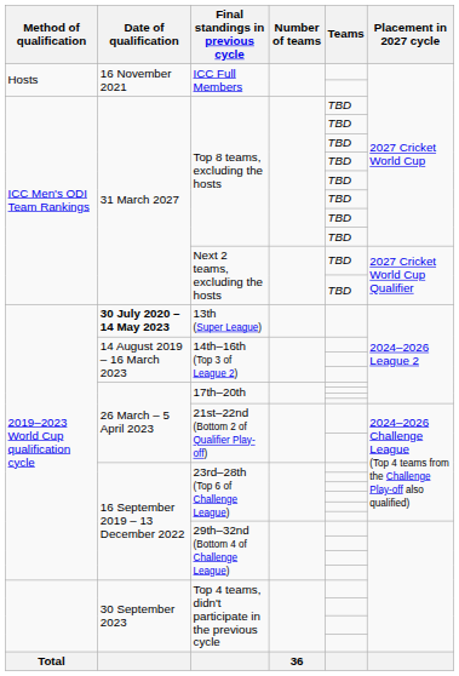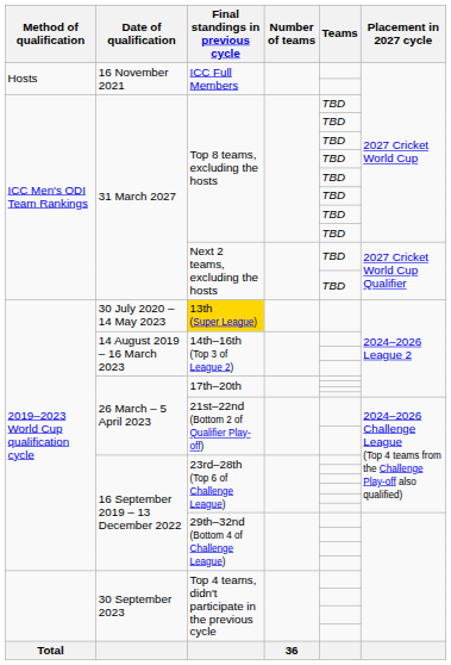 <table class="wikitable sortable" style="text-align:left;">
 <tr>
 <th scope="col">Method of qualification</th>
 <th scope="col">Date of qualification</th>
 <th scope="col">Final standings in <a href='#'>previous cycle</a></th>
 <th scope="col">Number of teams</th>
 <th scope="col">Teams</th>
 <th scope="col">Placement in 2027 cycle</th>
 </tr>
 <tr>
 <td rowspan=2>Hosts</td>
 <td rowspan="2">16 November 2021</td>
 <td rowspan="2"><a href='#'>ICC Full Members</a></td>
 <td rowspan="2"></td>
 <td></td>
 <td rowspan=10><a href='#'>2027 Cricket World Cup</a></td>
 </tr>
 <tr>
 <td></td>
 </tr>
 <tr>
 <td rowspan=10><a href='#'>ICC Men's ODI Team Rankings</a></td>
 <td rowspan="10">31 March 2027</td>
 <td rowspan="8">Top 8 teams,<br>excluding the hosts</td>
 <td rowspan="8"></td>
 <td> <em>TBD</em></td>
 </tr>
 <tr>
 <td> <em>TBD</em></td>
 </tr>
 <tr>
 <td> <em>TBD</em></td>
 </tr>
 <tr>
 <td> <em>TBD</em></td>
 </tr>
 <tr>
 <td> <em>TBD</em></td>
 </tr>
 <tr>
 <td> <em>TBD</em></td>
 </tr>
 <tr>
 <td> <em>TBD</em></td>
 </tr>
 <tr>
 <td> <em>TBD</em></td>
 </tr>
 <tr>
 <td rowspan="2">Next 2 teams,<br>excluding the hosts</td>
 <td rowspan="2"></td>
 <td> <em>TBD</em></td>
 <td rowspan=2><a href='#'>2027 Cricket World Cup Qualifier</a></td>
 </tr>
 <tr>
 <td> <em>TBD</em></td>
 </tr>
 <tr>
 <td rowspan="20"><a href='#'>2019–2023 World Cup qualification cycle</a></td>
-<td><strong>30 July 2020 – 14 May 2023</strong></td>
-<td>13th<br><small>(<a href='#'>Super League</a>)</small></td>
+<td>30 July 2020 – 14 May 2023</td>
+<td style="background: gold;">13th<br><small>(<a href='#'>Super League</a>)</small></td>
 <td></td>
 <td></td>
 <td rowspan="8"><a href='#'>2024–2026 League 2</a></td>
 </tr>
 <tr>
 <td rowspan="3">14 August 2019 – 16 March 2023</td>
 <td rowspan="3">14th–16th<br><small>(Top 3 of <a href='#'>League 2</a>)</small></td>
 <td rowspan="3"></td>
 <td></td>
 </tr>
 <tr>
 <td></td>
 </tr>
 <tr>
 <td></td>
 </tr>
 <tr>
 <td rowspan="6">26 March – 5 April 2023</td>
 <td rowspan="4">17th–20th<br><small></small></td>
 <td rowspan="4"></td>
 <td></td>
 </tr>
 <tr>
 <td></td>
 </tr>
 <tr>
 <td></td>
 </tr>
 <tr>
 <td></td>
 </tr>
 <tr>
 <td rowspan="2">21st–22nd<br><small>(Bottom 2 of <a href='#'>Qualifier Play-off</a>)</small></td>
 <td rowspan="2"></td>
 <td></td>
 <td rowspan="8"><a href='#'>2024–2026 Challenge League</a><br><small>(Top 4 teams from the <a href='#'>Challenge Play-off</a> also qualified)</small></td>
 </tr>
 <tr>
 <td></td>
 </tr>
 <tr>
 <td rowspan="10">16 September 2019 – 13 December 2022</td>
 <td rowspan="6">23rd–28th<br><small>(Top 6 of <a href='#'>Challenge League</a>)</small></td>
 <td rowspan="6"></td>
 <td></td>
 </tr>
 <tr>
 <td></td>
 </tr>
 <tr>
 <td></td>
 </tr>
 <tr>
 <td></td>
 </tr>
 <tr>
 <td></td>
 </tr>
 <tr>
 <td></td>
 </tr>
 <tr>
 <td rowspan="4">29th–32nd<br><small>(Bottom 4 of <a href='#'>Challenge League</a>)</small></td>
 <td rowspan="4"></td>
 <td></td>
 <td rowspan=8></td>
 </tr>
 <tr>
 <td></td>
 </tr>
 <tr>
 <td></td>
 </tr>
 <tr>
 <td></td>
 </tr>
 <tr>
 <td rowspan=4></td>
 <td rowspan=4>30 September 2023</td>
 <td rowspan="4">Top 4 teams,<br>didn't participate in the previous cycle</td>
 <td rowspan="4"></td>
 <td></td>
 </tr>
 <tr>
 <td></td>
 </tr>
 <tr>
 <td></td>
 </tr>
 <tr>
 <td></td>
 </tr>
 <tr class="sortbottom">
 <th>Total</th>
 <th></th>
 <th></th>
 <th>36</th>
 <th></th>
 <th></th>
 </tr>
 </table>
